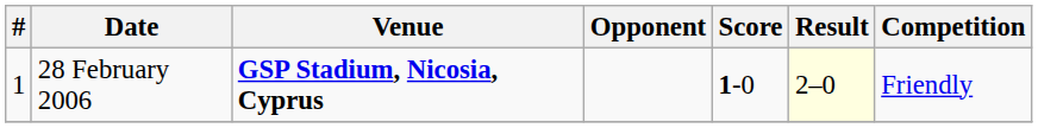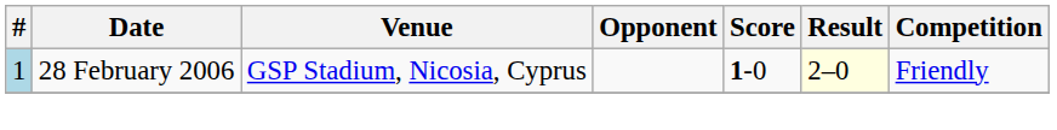 <table class="wikitable" style="text-align: left;"|->
 <tr>
 <th>#</th>
 <th>Date</th>
 <th>Venue</th>
 <th>Opponent</th>
 <th>Score</th>
 <th>Result</th>
 <th>Competition</th>
 </tr>
 <tr>
-<td>1</td>
+<td style="background: lightblue;">1</td>
 <td>28 February 2006</td>
-<td><strong><a href='#'>GSP Stadium</a>, <a href='#'>Nicosia</a>, Cyprus</strong></td>
+<td><a href='#'>GSP Stadium</a>, <a href='#'>Nicosia</a>, Cyprus</td>
 <td></td>
 <td><strong>1</strong>-0</td>
 <td style="background: lightyellow;">2–0</td>
 <td><a href='#'>Friendly</a></td>
 </tr>
 <tr>
 </tr>
 </table>
